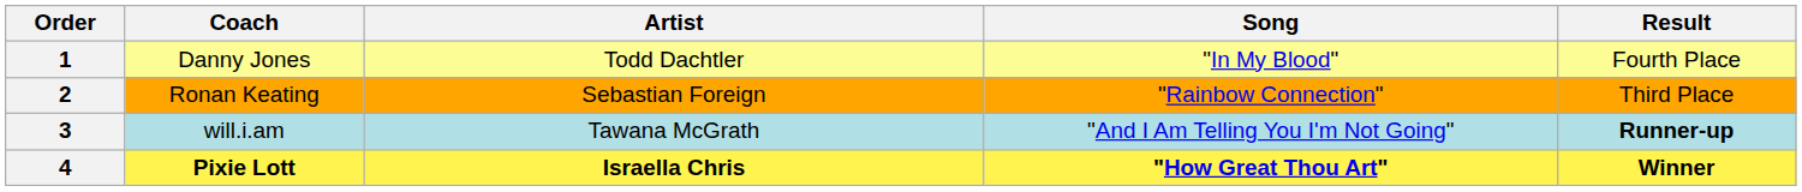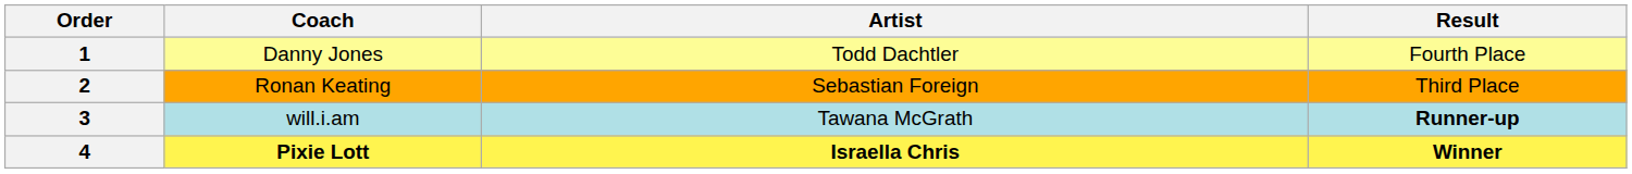 <table class="wikitable" style="text-align:center; width:100%">
 <tr>
 <th style="width:05%">Order</th>
 <th style="width:10%">Coach</th>
 <th style="width:26%">Artist</th>
-<th style="width:24%">Song</th>
 <th style="width:10%">Result</th>
 </tr>
 <tr>
 <th scope="col">1</th>
 <td style="background:#FDFD96">Danny Jones</td>
 <td style="background:#FDFD96">Todd Dachtler</td>
-<td style="background:#FDFD96">"<a href='#'>In My Blood</a>"</td>
 <td style="background:#FDFD96">Fourth Place</td>
 </tr>
 <tr>
 <th scope="col">2</th>
 <td style="background:orange">Ronan Keating</td>
 <td style="background:orange">Sebastian Foreign</td>
-<td style="background:orange">"<a href='#'>Rainbow Connection</a>"</td>
 <td style="background:orange">Third Place</td>
 </tr>
 <tr>
 <th scope="col">3</th>
 <td style="background:#B0E0E6">will.i.am</td>
 <td style="background:#B0E0E6">Tawana McGrath</td>
-<td style="background:#B0E0E6">"<a href='#'>And I Am Telling You I'm Not Going</a>"</td>
 <td style="background:#B0E0E6"><strong>Runner-up</strong></td>
 </tr>
 <tr>
 <th scope="col">4</th>
 <td style="background:#FFF44F"><strong>Pixie Lott</strong></td>
 <td style="background:#FFF44F"><strong>Israella Chris</strong></td>
-<td style="background:#FFF44F"><strong>"<a href='#'>How Great Thou Art</a>"</strong></td>
 <td style="background:#FFF44F"><strong>Winner</strong></td>
 </tr>
 </table>
